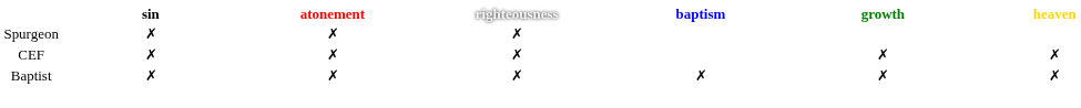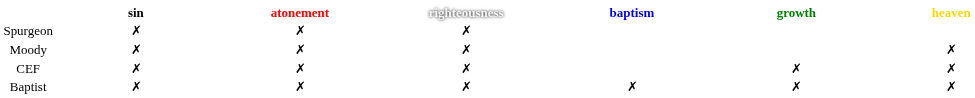 <table style="text-align:center;">
 <tr>
 <th></th>
 <th width="17%" style="color:black;">sin</th>
 <th width="17%" style="color:red;">atonement</th>
 <th width="17%" style="color:whitesmoke; text-shadow:0 0 0.25em black;">righteousness</th>
 <th width="17%" style="color:blue;">baptism</th>
 <th width="17%" style="color:green;">growth</th>
 <th width="17%" style="color:gold;">heaven</th>
 </tr>
 <tr>
 <td>Spurgeon</td>
 <td>✗</td>
 <td>✗</td>
 <td>✗</td>
 <td></td>
 <td></td>
 <td></td>
 </tr>
 <tr>
+<td>Moody</td>
+<td>✗</td>
+<td>✗</td>
+<td>✗</td>
+<td></td>
+<td></td>
+<td>✗</td>
+</tr>
+<tr>
 <td>CEF</td>
 <td>✗</td>
 <td>✗</td>
 <td>✗</td>
 <td></td>
 <td>✗</td>
 <td>✗</td>
 </tr>
 <tr>
 <td>Baptist</td>
 <td>✗</td>
 <td>✗</td>
 <td>✗</td>
 <td>✗</td>
 <td>✗</td>
 <td>✗</td>
 </tr>
 </table>
